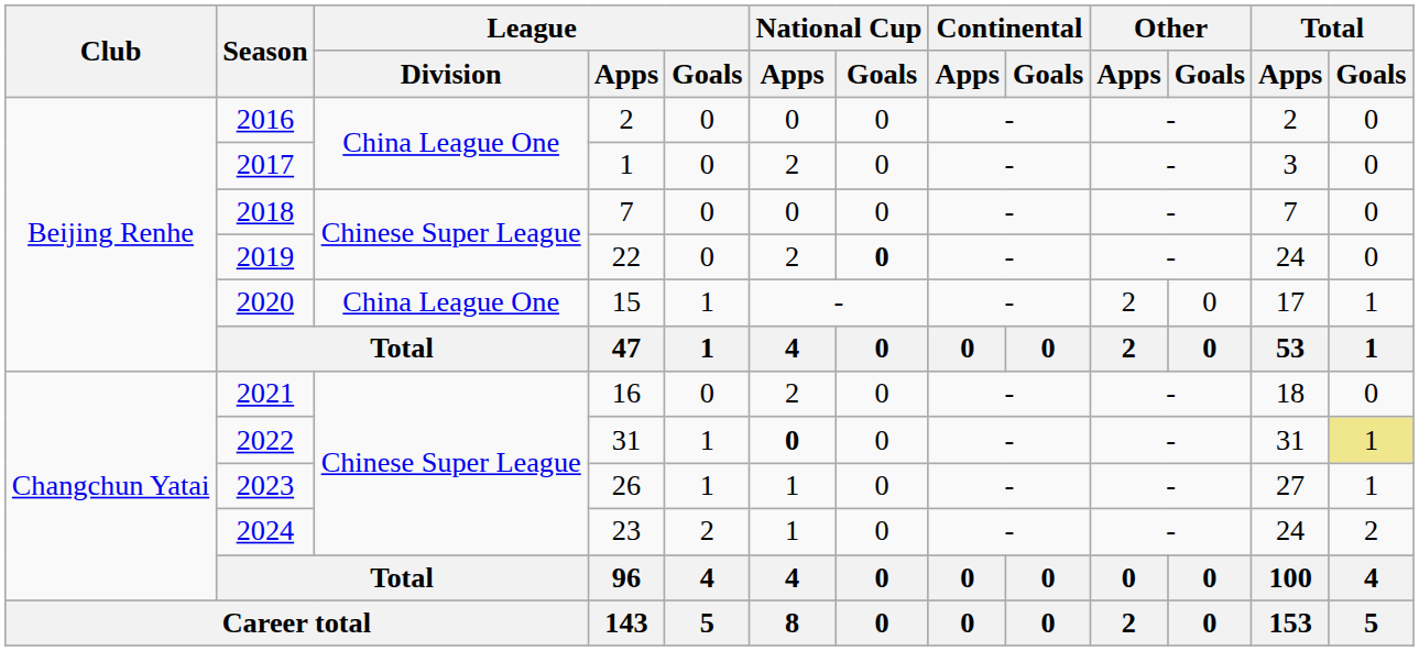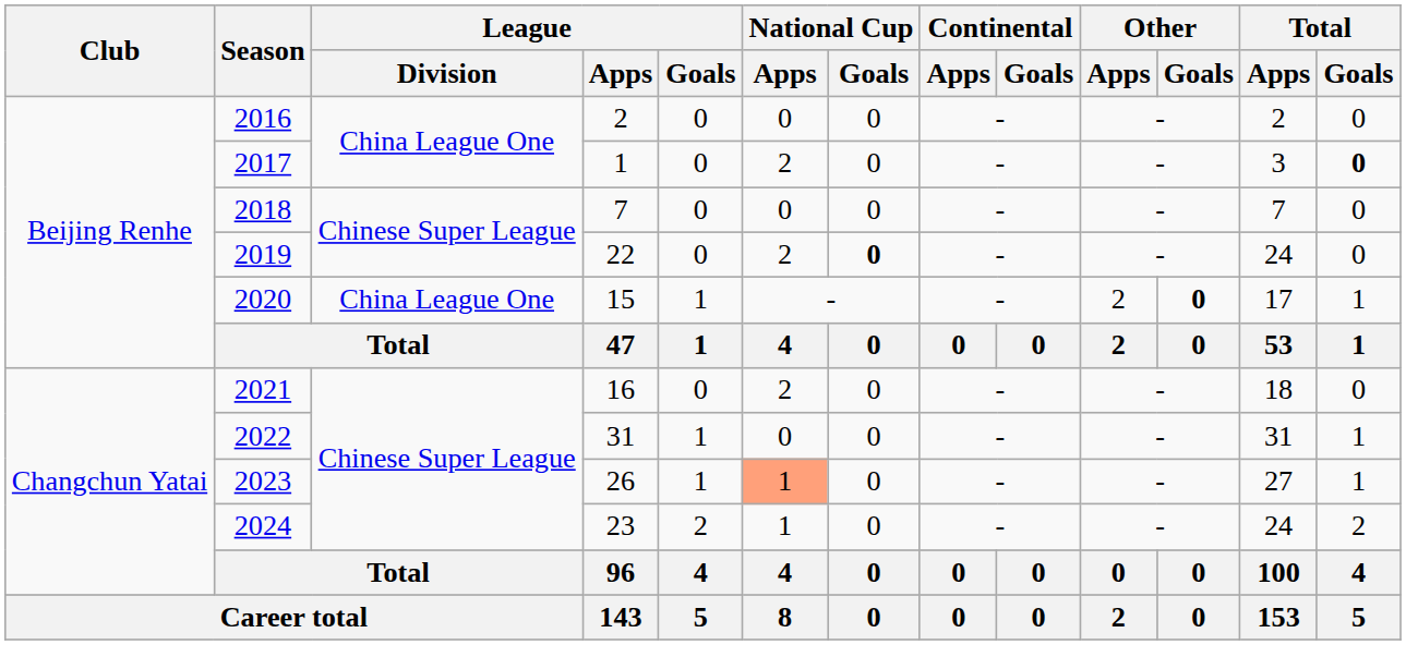 <table class="wikitable" style="text-align: center">
 <tr>
 <th rowspan="2">Club</th>
 <th rowspan="2">Season</th>
 <th colspan="3">League</th>
 <th colspan="2">National Cup</th>
 <th colspan="2">Continental</th>
 <th colspan="2">Other</th>
 <th colspan="2">Total</th>
 </tr>
 <tr>
 <th>Division</th>
 <th>Apps</th>
 <th>Goals</th>
 <th>Apps</th>
 <th>Goals</th>
 <th>Apps</th>
 <th>Goals</th>
 <th>Apps</th>
 <th>Goals</th>
 <th>Apps</th>
 <th>Goals</th>
 </tr>
 <tr>
 <td rowspan=6><a href='#'>Beijing Renhe</a></td>
 <td><a href='#'>2016</a></td>
 <td rowspan="2"><a href='#'>China League One</a></td>
 <td>2</td>
 <td>0</td>
 <td>0</td>
 <td>0</td>
 <td colspan="2">-</td>
 <td colspan="2">-</td>
 <td>2</td>
 <td>0</td>
 </tr>
 <tr>
 <td><a href='#'>2017</a></td>
 <td>1</td>
 <td>0</td>
 <td>2</td>
 <td>0</td>
 <td colspan="2">-</td>
 <td colspan="2">-</td>
 <td>3</td>
-<td>0</td>
+<td><strong>0</strong></td>
 </tr>
 <tr>
 <td><a href='#'>2018</a></td>
 <td rowspan=2><a href='#'>Chinese Super League</a></td>
 <td>7</td>
 <td>0</td>
 <td>0</td>
 <td>0</td>
 <td colspan="2">-</td>
 <td colspan="2">-</td>
 <td>7</td>
 <td>0</td>
 </tr>
 <tr>
 <td><a href='#'>2019</a></td>
 <td>22</td>
 <td>0</td>
 <td>2</td>
 <td><strong>0</strong></td>
 <td colspan="2">-</td>
 <td colspan="2">-</td>
 <td>24</td>
 <td>0</td>
 </tr>
 <tr>
 <td><a href='#'>2020</a></td>
 <td><a href='#'>China League One</a></td>
 <td>15</td>
 <td>1</td>
 <td colspan="2">-</td>
 <td colspan="2">-</td>
 <td>2</td>
-<td>0</td>
+<td><strong>0</strong></td>
 <td>17</td>
 <td>1</td>
 </tr>
 <tr>
 <th colspan="2"><strong>Total</strong></th>
 <th>47</th>
 <th>1</th>
 <th>4</th>
 <th>0</th>
 <th>0</th>
 <th>0</th>
 <th>2</th>
 <th>0</th>
 <th>53</th>
 <th>1</th>
 </tr>
 <tr>
 <td rowspan=5><a href='#'>Changchun Yatai</a></td>
 <td><a href='#'>2021</a></td>
 <td rowspan=4><a href='#'>Chinese Super League</a></td>
 <td>16</td>
 <td>0</td>
 <td>2</td>
 <td>0</td>
 <td colspan="2">-</td>
 <td colspan="2">-</td>
 <td>18</td>
 <td>0</td>
 </tr>
 <tr>
 <td><a href='#'>2022</a></td>
 <td>31</td>
 <td>1</td>
-<td><strong>0</strong></td>
+<td>0</td>
 <td>0</td>
 <td colspan="2">-</td>
 <td colspan="2">-</td>
 <td>31</td>
-<td style="background: khaki;">1</td>
+<td>1</td>
 </tr>
 <tr>
 <td><a href='#'>2023</a></td>
 <td>26</td>
 <td>1</td>
-<td>1</td>
+<td style="background: lightsalmon;">1</td>
 <td>0</td>
 <td colspan="2">-</td>
 <td colspan="2">-</td>
 <td>27</td>
 <td>1</td>
 </tr>
 <tr>
 <td><a href='#'>2024</a></td>
 <td>23</td>
 <td>2</td>
 <td>1</td>
 <td>0</td>
 <td colspan="2">-</td>
 <td colspan="2">-</td>
 <td>24</td>
 <td>2</td>
 </tr>
 <tr>
 <th colspan="2"><strong>Total</strong></th>
 <th>96</th>
 <th>4</th>
 <th>4</th>
 <th>0</th>
 <th>0</th>
 <th>0</th>
 <th>0</th>
 <th>0</th>
 <th>100</th>
 <th>4</th>
 </tr>
 <tr>
 <th colspan=3>Career total</th>
 <th>143</th>
 <th>5</th>
 <th>8</th>
 <th>0</th>
 <th>0</th>
 <th>0</th>
 <th>2</th>
 <th>0</th>
 <th>153</th>
 <th>5</th>
 </tr>
 </table>
